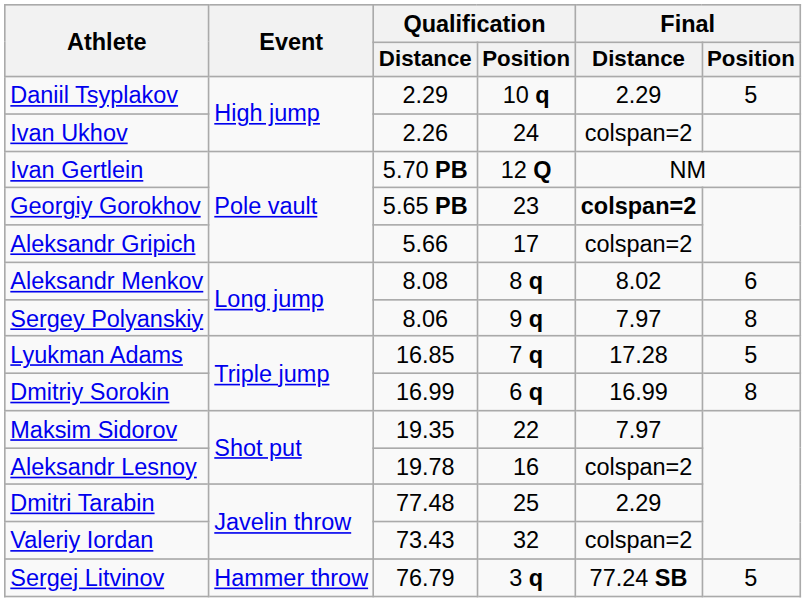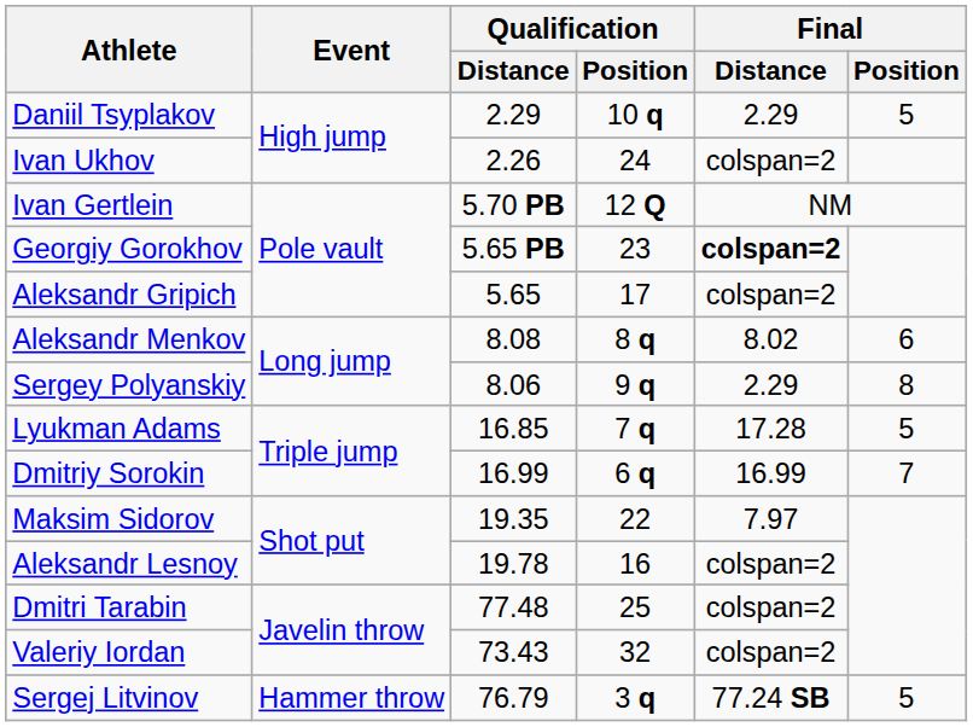 <table class=wikitable style="font-size:90%">
 <tr>
 <th rowspan="2">Athlete</th>
 <th rowspan="2">Event</th>
 <th colspan="2">Qualification</th>
 <th colspan="2">Final</th>
 </tr>
 <tr style="font-size:95%">
 <th>Distance</th>
 <th>Position</th>
 <th>Distance</th>
 <th>Position</th>
 </tr>
 <tr style=text-align:center>
 <td style=text-align:left><a href='#'>Daniil Tsyplakov</a></td>
 <td style=text-align:left rowspan=2><a href='#'>High jump</a></td>
 <td>2.29</td>
 <td>10 <strong>q</strong></td>
 <td>2.29</td>
 <td>5</td>
 </tr>
 <tr style=text-align:center>
 <td style=text-align:left><a href='#'>Ivan Ukhov</a></td>
 <td>2.26</td>
 <td>24</td>
 <td>colspan=2 </td>
 </tr>
 <tr style=text-align:center>
 <td style=text-align:left><a href='#'>Ivan Gertlein</a></td>
 <td style=text-align:left rowspan=3><a href='#'>Pole vault</a></td>
 <td>5.70 <strong>PB</strong></td>
 <td>12 <strong>Q</strong></td>
 <td colspan=2>NM</td>
 </tr>
 <tr style=text-align:center>
 <td style=text-align:left><a href='#'>Georgiy Gorokhov</a></td>
 <td>5.65 <strong>PB</strong></td>
 <td>23</td>
 <td><strong>colspan=2 </strong></td>
 </tr>
 <tr style=text-align:center>
 <td style=text-align:left><a href='#'>Aleksandr Gripich</a></td>
-<td>5.66</td>
+<td>5.65</td>
 <td>17</td>
 <td>colspan=2 </td>
 </tr>
 <tr style=text-align:center>
 <td style=text-align:left><a href='#'>Aleksandr Menkov</a></td>
 <td style=text-align:left rowspan=2><a href='#'>Long jump</a></td>
 <td>8.08</td>
 <td>8 <strong>q</strong></td>
 <td>8.02</td>
 <td>6</td>
 </tr>
 <tr style=text-align:center>
 <td style=text-align:left><a href='#'>Sergey Polyanskiy</a></td>
 <td>8.06</td>
 <td>9 <strong>q</strong></td>
-<td>7.97</td>
+<td>2.29</td>
 <td>8</td>
 </tr>
 <tr style=text-align:center>
 <td style=text-align:left><a href='#'>Lyukman Adams</a></td>
 <td style=text-align:left rowspan=2><a href='#'>Triple jump</a></td>
 <td>16.85</td>
 <td>7 <strong>q</strong></td>
 <td>17.28</td>
 <td>5</td>
 </tr>
 <tr style=text-align:center>
 <td style=text-align:left><a href='#'>Dmitriy Sorokin</a></td>
 <td>16.99</td>
 <td>6 <strong>q</strong></td>
 <td>16.99</td>
-<td>8</td>
+<td>7</td>
 </tr>
 <tr style=text-align:center>
 <td style=text-align:left><a href='#'>Maksim Sidorov</a></td>
 <td style=text-align:left rowspan=2><a href='#'>Shot put</a></td>
 <td>19.35</td>
 <td>22</td>
 <td>7.97</td>
 </tr>
 <tr style=text-align:center>
 <td style=text-align:left><a href='#'>Aleksandr Lesnoy</a></td>
 <td>19.78</td>
 <td>16</td>
 <td>colspan=2 </td>
 </tr>
 <tr style=text-align:center>
 <td style=text-align:left><a href='#'>Dmitri Tarabin</a></td>
 <td style=text-align:left rowspan=2><a href='#'>Javelin throw</a></td>
 <td>77.48</td>
 <td>25</td>
-<td>2.29</td>
+<td>colspan=2 </td>
 </tr>
 <tr style=text-align:center>
 <td style=text-align:left><a href='#'>Valeriy Iordan</a></td>
 <td>73.43</td>
 <td>32</td>
 <td>colspan=2 </td>
 </tr>
 <tr style=text-align:center>
 <td style=text-align:left><a href='#'>Sergej Litvinov</a></td>
 <td style=text-align:left><a href='#'>Hammer throw</a></td>
 <td>76.79</td>
 <td>3 <strong>q</strong></td>
 <td>77.24 <strong>SB</strong></td>
 <td>5</td>
 </tr>
 </table>
